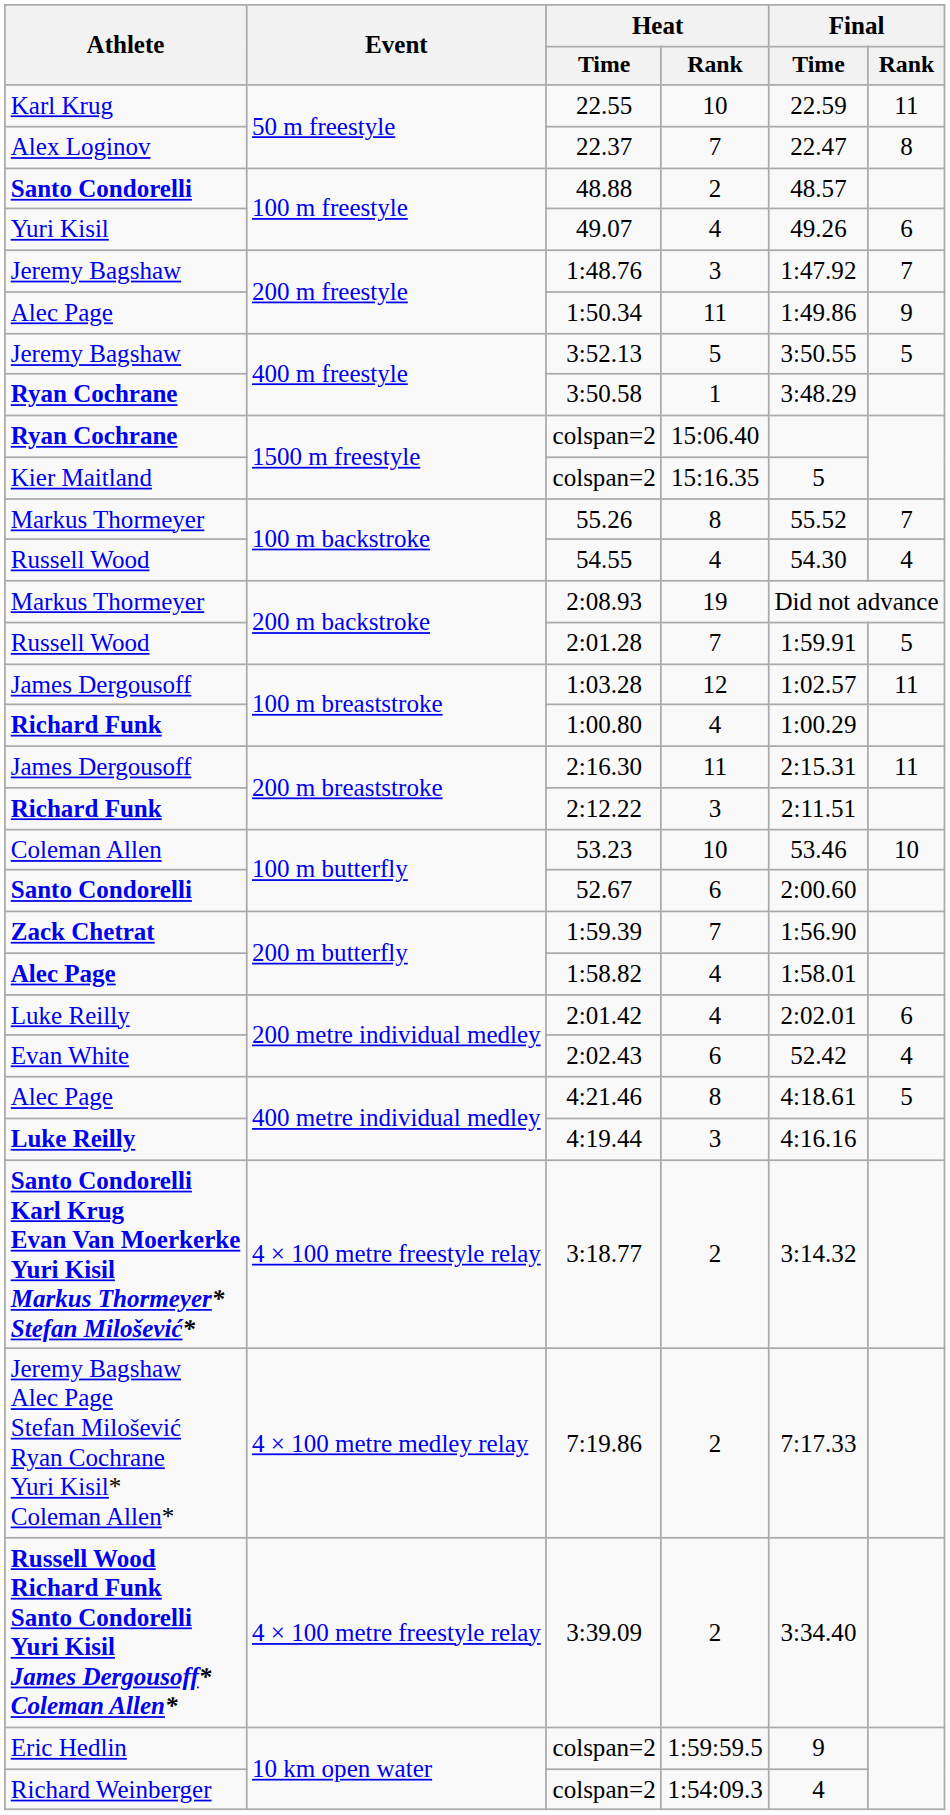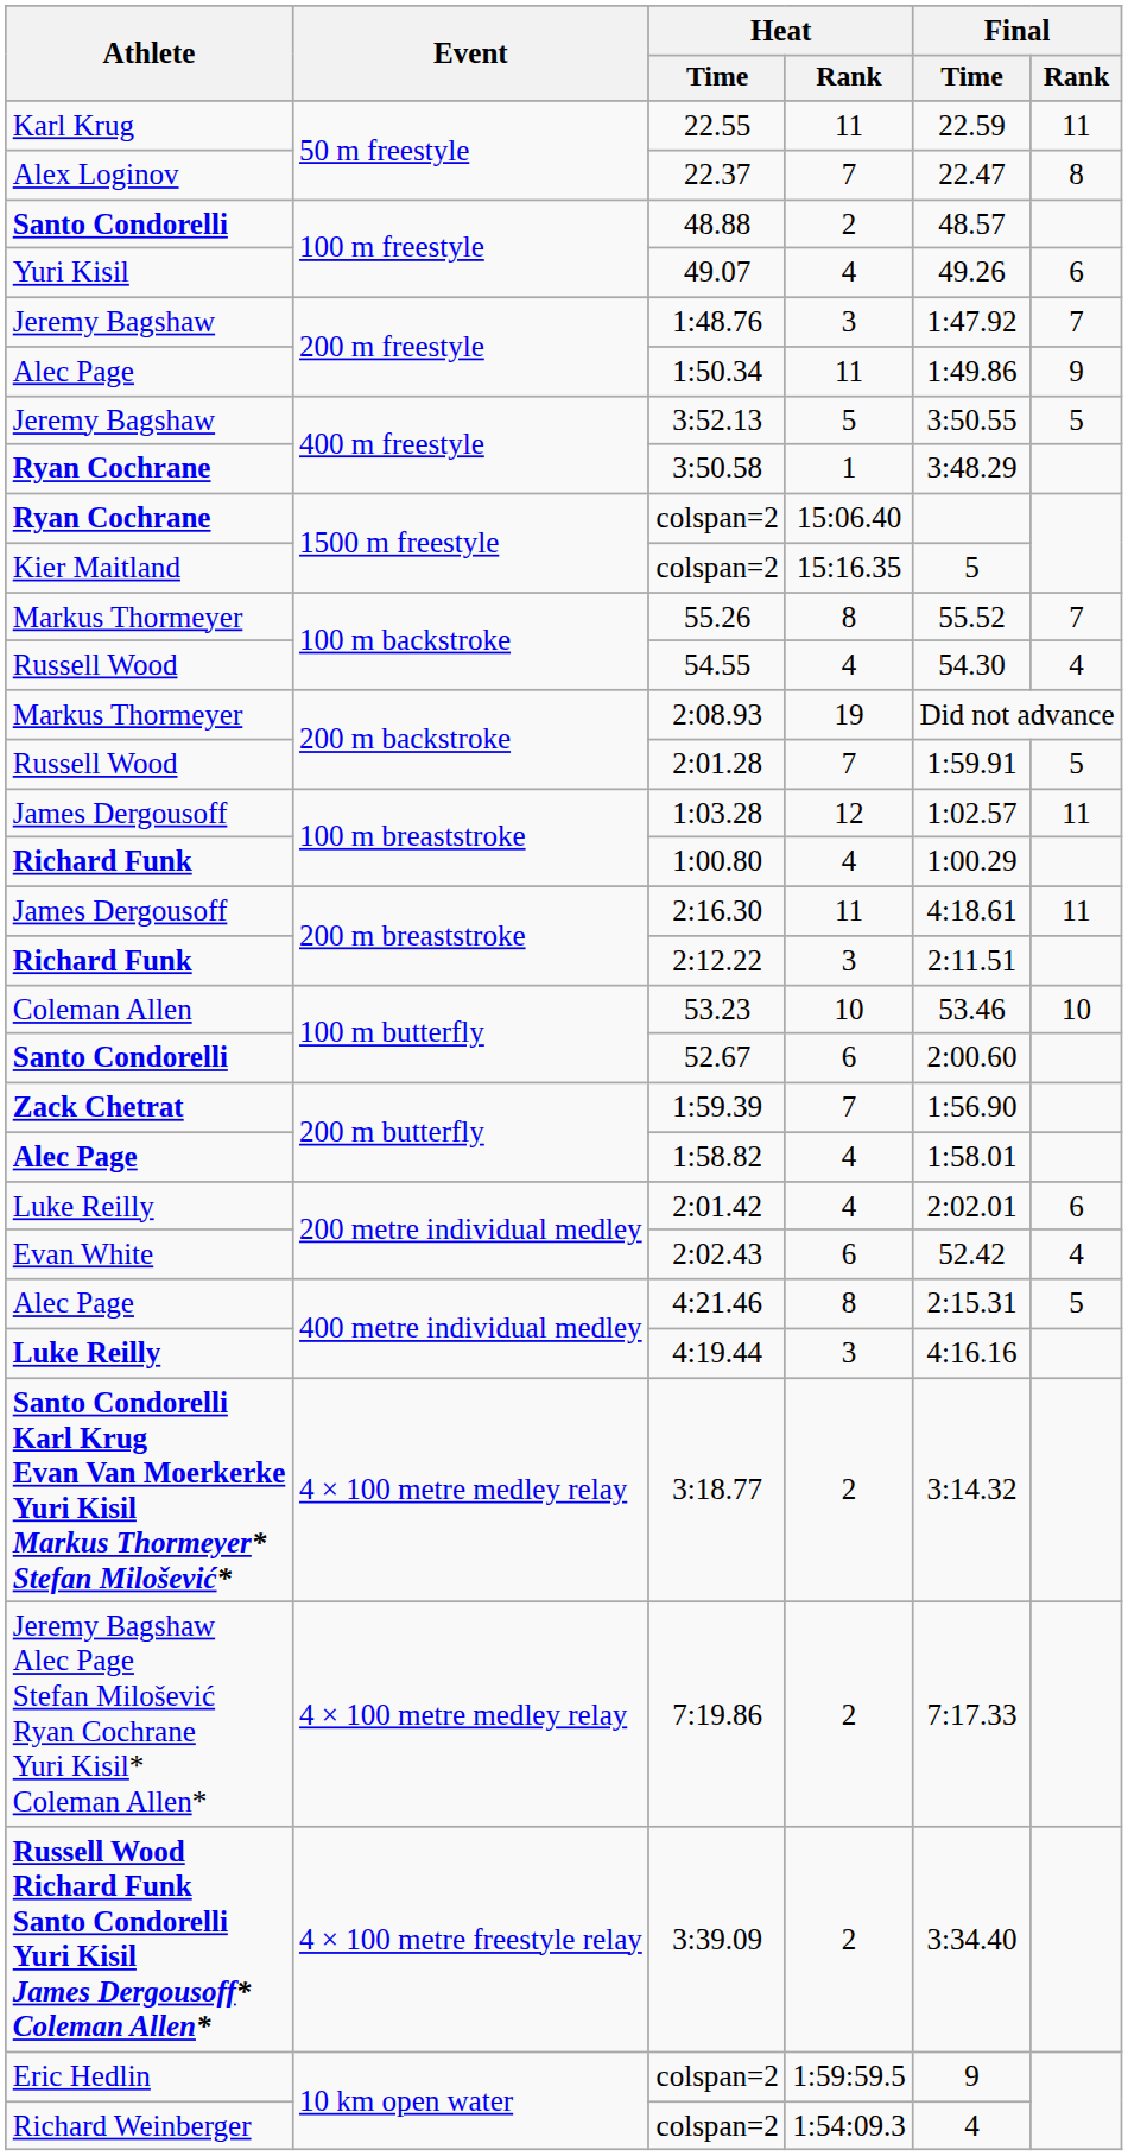 <table class=wikitable style="font-size:90%">
 <tr>
 <th rowspan=2>Athlete</th>
 <th rowspan=2>Event</th>
 <th colspan=2>Heat</th>
 <th colspan=2>Final</th>
 </tr>
 <tr style="font-size:95%">
 <th>Time</th>
 <th>Rank</th>
 <th>Time</th>
 <th>Rank</th>
 </tr>
 <tr align=center>
 <td align=left><a href='#'>Karl Krug</a></td>
 <td align=left rowspan=2><a href='#'>50 m freestyle</a></td>
 <td>22.55</td>
-<td>10</td>
+<td>11</td>
 <td>22.59</td>
 <td>11</td>
 </tr>
 <tr align=center>
 <td align=left><a href='#'>Alex Loginov</a></td>
 <td>22.37</td>
 <td>7</td>
 <td>22.47</td>
 <td>8</td>
 </tr>
 <tr align=center>
 <td align=left><strong><a href='#'>Santo Condorelli</a></strong></td>
 <td align=left rowspan=2><a href='#'>100 m freestyle</a></td>
 <td>48.88</td>
 <td>2</td>
 <td>48.57</td>
 <td></td>
 </tr>
 <tr align=center>
 <td align=left><a href='#'>Yuri Kisil</a></td>
 <td>49.07</td>
 <td>4</td>
 <td>49.26</td>
 <td>6</td>
 </tr>
 <tr align=center>
 <td align=left><a href='#'>Jeremy Bagshaw</a></td>
 <td align=left rowspan=2><a href='#'>200 m freestyle</a></td>
 <td>1:48.76</td>
 <td>3</td>
 <td>1:47.92</td>
 <td>7</td>
 </tr>
 <tr align=center>
 <td align=left><a href='#'>Alec Page</a></td>
 <td>1:50.34</td>
 <td>11</td>
 <td>1:49.86</td>
 <td>9</td>
 </tr>
 <tr align=center>
 <td align=left><a href='#'>Jeremy Bagshaw</a></td>
 <td align=left rowspan=2><a href='#'>400 m freestyle</a></td>
 <td>3:52.13</td>
 <td>5</td>
 <td>3:50.55</td>
 <td>5</td>
 </tr>
 <tr align=center>
 <td align=left><strong><a href='#'>Ryan Cochrane</a></strong></td>
 <td>3:50.58</td>
 <td>1</td>
 <td>3:48.29</td>
 <td></td>
 </tr>
 <tr align=center>
 <td align=left><strong><a href='#'>Ryan Cochrane</a></strong></td>
 <td align=left rowspan=2><a href='#'>1500 m freestyle</a></td>
 <td>colspan=2 </td>
 <td>15:06.40</td>
 <td></td>
 </tr>
 <tr align=center>
 <td align=left><a href='#'>Kier Maitland</a></td>
 <td>colspan=2 </td>
 <td>15:16.35</td>
 <td>5</td>
 </tr>
 <tr align=center>
 <td align=left><a href='#'>Markus Thormeyer</a></td>
 <td align=left rowspan=2><a href='#'>100 m backstroke</a></td>
 <td>55.26</td>
 <td>8</td>
 <td>55.52</td>
 <td>7</td>
 </tr>
 <tr align=center>
 <td align=left><a href='#'>Russell Wood</a></td>
 <td>54.55</td>
 <td>4</td>
 <td>54.30</td>
 <td>4</td>
 </tr>
 <tr align=center>
 <td align=left><a href='#'>Markus Thormeyer</a></td>
 <td align=left rowspan=2><a href='#'>200 m backstroke</a></td>
 <td>2:08.93</td>
 <td>19</td>
 <td colspan=2>Did not advance</td>
 </tr>
 <tr align=center>
 <td align=left><a href='#'>Russell Wood</a></td>
 <td>2:01.28</td>
 <td>7</td>
 <td>1:59.91</td>
 <td>5</td>
 </tr>
 <tr align=center>
 <td align=left><a href='#'>James Dergousoff</a></td>
 <td align=left rowspan=2><a href='#'>100 m breaststroke</a></td>
 <td>1:03.28</td>
 <td>12</td>
 <td>1:02.57</td>
 <td>11</td>
 </tr>
 <tr align=center>
 <td align=left><strong><a href='#'>Richard Funk</a></strong></td>
 <td>1:00.80</td>
 <td>4</td>
 <td>1:00.29</td>
 <td></td>
 </tr>
 <tr align=center>
 <td align=left><a href='#'>James Dergousoff</a></td>
 <td align=left rowspan=2><a href='#'>200 m breaststroke</a></td>
 <td>2:16.30</td>
 <td>11</td>
-<td>2:15.31</td>
+<td>4:18.61</td>
 <td>11</td>
 </tr>
 <tr align=center>
 <td align=left><strong><a href='#'>Richard Funk</a></strong></td>
 <td>2:12.22</td>
 <td>3</td>
 <td>2:11.51</td>
 <td></td>
 </tr>
 <tr align=center>
 <td align=left><a href='#'>Coleman Allen</a></td>
 <td align=left rowspan=2><a href='#'>100 m butterfly</a></td>
 <td>53.23</td>
 <td>10</td>
 <td>53.46</td>
 <td>10</td>
 </tr>
 <tr align=center>
 <td align=left><strong><a href='#'>Santo Condorelli</a></strong></td>
 <td>52.67</td>
 <td>6</td>
 <td>2:00.60</td>
 <td></td>
 </tr>
 <tr align=center>
 <td align=left><strong><a href='#'>Zack Chetrat</a></strong></td>
 <td align=left rowspan=2><a href='#'>200 m butterfly</a></td>
 <td>1:59.39</td>
 <td>7</td>
 <td>1:56.90</td>
 <td></td>
 </tr>
 <tr align=center>
 <td align=left><strong><a href='#'>Alec Page</a></strong></td>
 <td>1:58.82</td>
 <td>4</td>
 <td>1:58.01</td>
 <td></td>
 </tr>
 <tr align=center>
 <td align=left><a href='#'>Luke Reilly</a></td>
 <td align=left rowspan=2><a href='#'>200 metre individual medley</a></td>
 <td>2:01.42</td>
 <td>4</td>
 <td>2:02.01</td>
 <td>6</td>
 </tr>
 <tr align=center>
 <td align=left><a href='#'>Evan White</a></td>
 <td>2:02.43</td>
 <td>6</td>
 <td>52.42</td>
 <td>4</td>
 </tr>
 <tr align=center>
 <td align=left><a href='#'>Alec Page</a></td>
 <td align=left rowspan=2><a href='#'>400 metre individual medley</a></td>
 <td>4:21.46</td>
 <td>8</td>
-<td>4:18.61</td>
+<td>2:15.31</td>
 <td>5</td>
 </tr>
 <tr align=center>
 <td align=left><strong><a href='#'>Luke Reilly</a></strong></td>
 <td>4:19.44</td>
 <td>3</td>
 <td>4:16.16</td>
 <td></td>
 </tr>
 <tr align=center>
 <td align=left><strong><a href='#'>Santo Condorelli</a> <br><a href='#'>Karl Krug</a><br><a href='#'>Evan Van Moerkerke</a><br><a href='#'>Yuri Kisil</a><br><em><a href='#'>Markus Thormeyer</a>*</em><br><em><a href='#'>Stefan Milošević</a>*<strong><em></td>
-<td align=left><a href='#'>4 × 100 metre freestyle relay</a></td>
+<td align=left><a href='#'>4 × 100 metre medley relay</a></td>
 <td>3:18.77</td>
 <td>2</td>
 <td>3:14.32</td>
 <td></td>
 </tr>
 <tr align=center>
 <td align=left></strong><a href='#'>Jeremy Bagshaw</a> <br><a href='#'>Alec Page</a><br><a href='#'>Stefan Milošević</a><br><a href='#'>Ryan Cochrane</a><br></em><a href='#'>Yuri Kisil</a>*<em><br></em><a href='#'>Coleman Allen</a>*</em></strong></td>
 <td align=left><a href='#'>4 × 100 metre medley relay</a></td>
 <td>7:19.86</td>
 <td>2</td>
 <td>7:17.33</td>
 <td></td>
 </tr>
 <tr align=center>
 <td align=left><strong><a href='#'>Russell Wood</a> <br><a href='#'>Richard Funk</a><br><a href='#'>Santo Condorelli</a><br><a href='#'>Yuri Kisil</a><br><em><a href='#'>James Dergousoff</a>*</em><br><em><a href='#'>Coleman Allen</a>*<strong><em></td>
 <td align=left><a href='#'>4 × 100 metre freestyle relay</a></td>
 <td>3:39.09</td>
 <td>2</td>
 <td>3:34.40</td>
 <td></td>
 </tr>
 <tr align=center>
 <td align=left><a href='#'>Eric Hedlin</a></td>
 <td align=left rowspan=2><a href='#'>10 km open water</a></td>
 <td>colspan=2 </td>
 <td>1:59:59.5</td>
 <td>9</td>
 </tr>
 <tr align=center>
 <td align=left><a href='#'>Richard Weinberger</a></td>
 <td>colspan=2 </td>
 <td>1:54:09.3</td>
 <td>4</td>
 </tr>
 </table>
